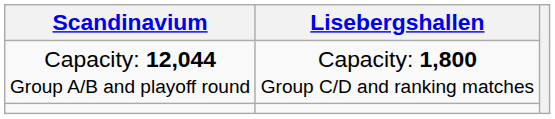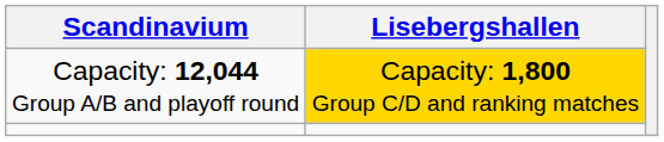 <table class="wikitable" style="text-align:center;">
 <tr>
 <th><a href='#'>Scandinavium</a></th>
 <th><a href='#'>Lisebergshallen</a></th>
 <th rowspan=3></th>
 </tr>
 <tr>
 <td>Capacity: <strong>12,044</strong><br><small>Group A/B and playoff round</small></td>
-<td>Capacity: <strong>1,800</strong><br><small>Group C/D and ranking matches</small></td>
+<td style="background: gold;">Capacity: <strong>1,800</strong><br><small>Group C/D and ranking matches</small></td>
 </tr>
 <tr>
 <td></td>
 <td></td>
 </tr>
 </table>
